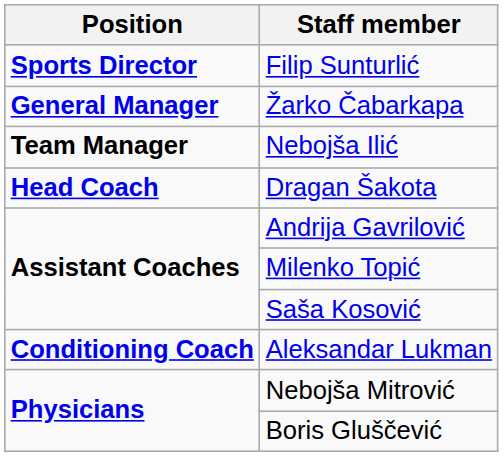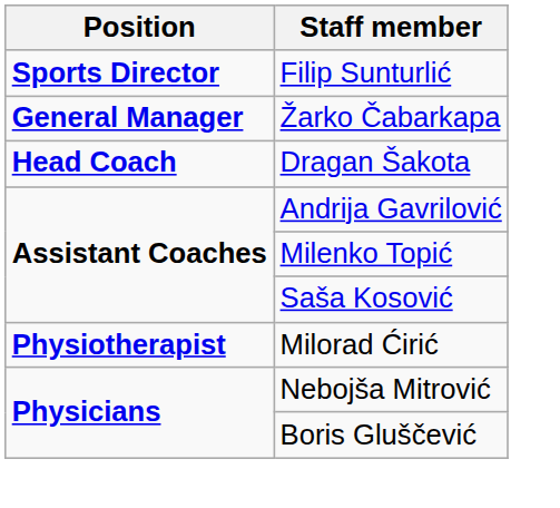 <table class="wikitable">
 <tr>
 <th>Position</th>
 <th>Staff member</th>
 </tr>
 <tr>
 <td><strong><a href='#'>Sports Director</a></strong></td>
 <td> <a href='#'>Filip Sunturlić</a></td>
 </tr>
 <tr>
 <td><strong><a href='#'>General Manager</a></strong></td>
 <td> <a href='#'>Žarko Čabarkapa</a></td>
-</tr>
-<tr>
-<td><strong>Team Manager</strong></td>
-<td> <a href='#'>Nebojša Ilić</a></td>
 </tr>
 <tr>
 <td><strong><a href='#'>Head Coach</a></strong></td>
 <td> <a href='#'>Dragan Šakota</a></td>
 </tr>
 <tr>
 <td rowspan=3><strong>Assistant Coaches</strong></td>
 <td>  <a href='#'>Andrija Gavrilović</a></td>
 </tr>
 <tr>
 <td>  <a href='#'>Milenko Topić</a></td>
 </tr>
 <tr>
 <td>  <a href='#'>Saša Kosović</a></td>
 </tr>
 <tr>
-<td><strong><a href='#'>Conditioning Coach</a></strong></td>
-<td> <a href='#'>Aleksandar Lukman</a></td>
+<td><strong><a href='#'>Physiotherapist</a></strong></td>
+<td> Milorad Ćirić</td>
 </tr>
 <tr>
 <td rowspan=2><strong><a href='#'>Physicians</a></strong></td>
 <td> Nebojša Mitrović</td>
 </tr>
 <tr>
 <td> Boris Gluščević</td>
 </tr>
 </table>
